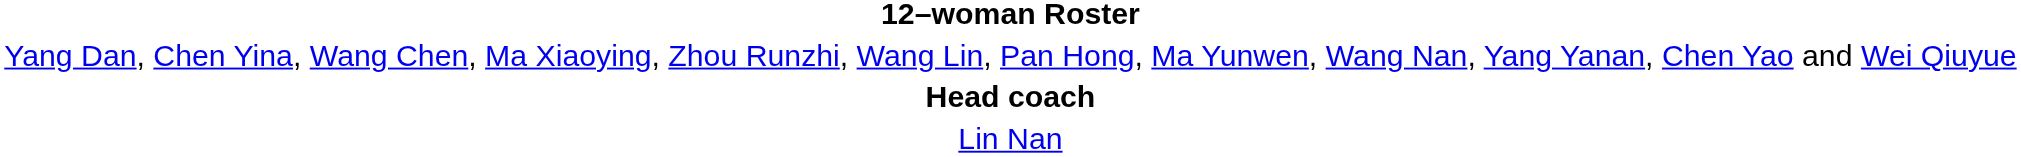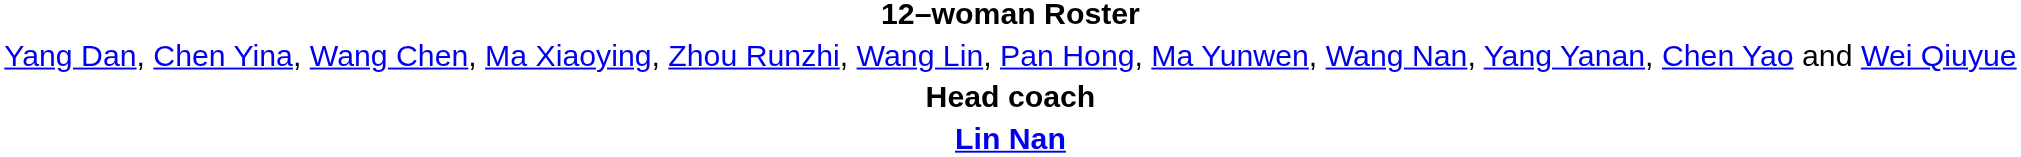 <table style="text-align: center; margin-top: 2em; margin-left: auto; margin-right: auto">
 <tr>
 <td><strong>12–woman Roster</strong></td>
 </tr>
 <tr>
 <td><a href='#'>Yang Dan</a>, <a href='#'>Chen Yina</a>,  <a href='#'>Wang Chen</a>, <a href='#'>Ma Xiaoying</a>, <a href='#'>Zhou Runzhi</a>, <a href='#'>Wang Lin</a>, <a href='#'>Pan Hong</a>, <a href='#'>Ma Yunwen</a>, <a href='#'>Wang Nan</a>, <a href='#'>Yang Yanan</a>, <a href='#'>Chen Yao</a> and <a href='#'>Wei Qiuyue</a></td>
 </tr>
 <tr>
 <td><strong>Head coach</strong></td>
 </tr>
 <tr>
-<td><a href='#'>Lin Nan</a></td>
+<td><strong><a href='#'>Lin Nan</a></strong></td>
 </tr>
 </table>
